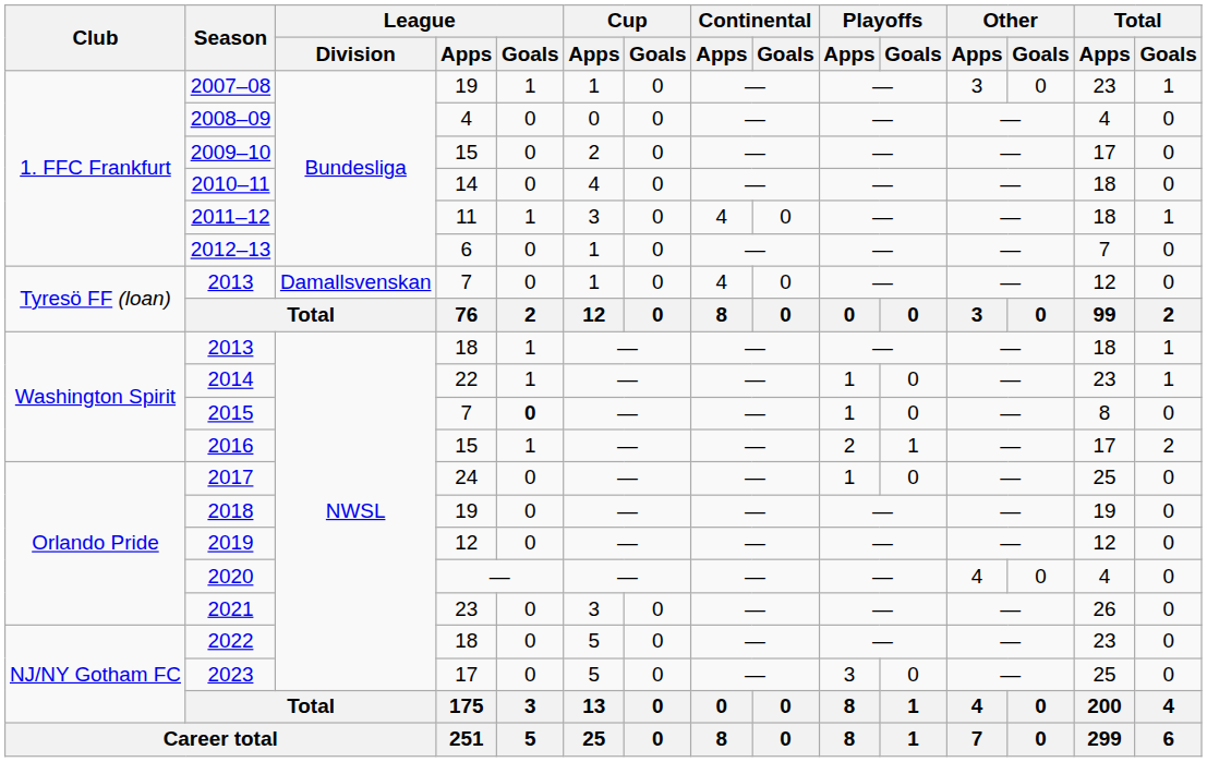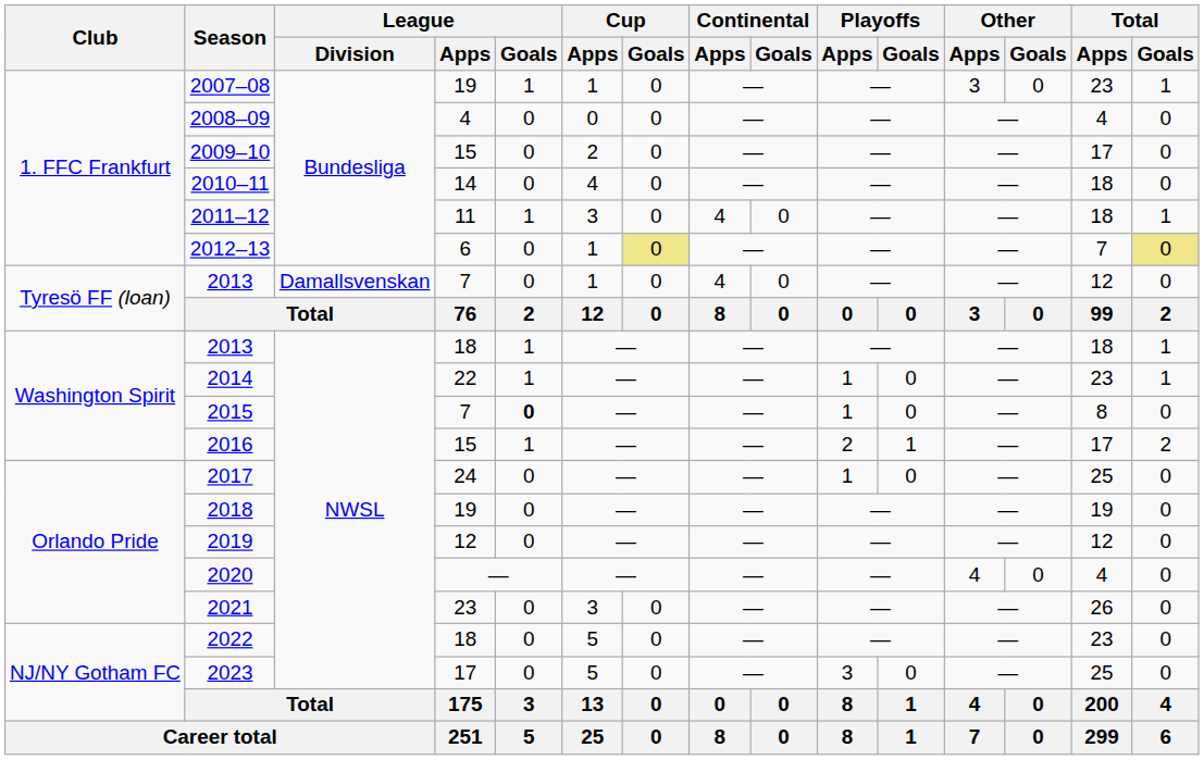 <table class="wikitable" style="text-align: center;">
 <tr>
 <th rowspan="2">Club</th>
 <th rowspan="2">Season</th>
 <th colspan="3">League</th>
 <th colspan="2">Cup</th>
 <th colspan="2">Continental</th>
 <th colspan="2">Playoffs</th>
 <th colspan="2">Other</th>
 <th colspan="2">Total</th>
 </tr>
 <tr>
 <th>Division</th>
 <th>Apps</th>
 <th>Goals</th>
 <th>Apps</th>
 <th>Goals</th>
 <th>Apps</th>
 <th>Goals</th>
 <th>Apps</th>
 <th>Goals</th>
 <th>Apps</th>
 <th>Goals</th>
 <th>Apps</th>
 <th>Goals</th>
 </tr>
 <tr>
 <td rowspan="6"><a href='#'>1. FFC Frankfurt</a></td>
 <td><a href='#'>2007–08</a></td>
 <td rowspan="6"><a href='#'>Bundesliga</a></td>
 <td>19</td>
 <td>1</td>
 <td>1</td>
 <td>0</td>
 <td colspan="2">—</td>
 <td colspan="2">—</td>
 <td>3</td>
 <td>0</td>
 <td>23</td>
 <td>1</td>
 </tr>
 <tr>
 <td><a href='#'>2008–09</a></td>
 <td>4</td>
 <td>0</td>
 <td>0</td>
 <td>0</td>
 <td colspan="2">—</td>
 <td colspan="2">—</td>
 <td colspan="2">—</td>
 <td>4</td>
 <td>0</td>
 </tr>
 <tr>
 <td><a href='#'>2009–10</a></td>
 <td>15</td>
 <td>0</td>
 <td>2</td>
 <td>0</td>
 <td colspan="2">—</td>
 <td colspan="2">—</td>
 <td colspan="2">—</td>
 <td>17</td>
 <td>0</td>
 </tr>
 <tr>
 <td><a href='#'>2010–11</a></td>
 <td>14</td>
 <td>0</td>
 <td>4</td>
 <td>0</td>
 <td colspan="2">—</td>
 <td colspan="2">—</td>
 <td colspan="2">—</td>
 <td>18</td>
 <td>0</td>
 </tr>
 <tr>
 <td><a href='#'>2011–12</a></td>
 <td>11</td>
 <td>1</td>
 <td>3</td>
 <td>0</td>
 <td>4</td>
 <td>0</td>
 <td colspan="2">—</td>
 <td colspan="2">—</td>
 <td>18</td>
 <td>1</td>
 </tr>
 <tr>
 <td><a href='#'>2012–13</a></td>
 <td>6</td>
 <td>0</td>
 <td>1</td>
-<td>0</td>
+<td style="background: khaki;">0</td>
 <td colspan="2">—</td>
 <td colspan="2">—</td>
 <td colspan="2">—</td>
 <td>7</td>
-<td>0</td>
+<td style="background: khaki;">0</td>
 </tr>
 <tr>
 <td rowspan="2"><a href='#'>Tyresö FF</a> <em>(loan)</em></td>
 <td><a href='#'>2013</a></td>
 <td><a href='#'>Damallsvenskan</a></td>
 <td>7</td>
 <td>0</td>
 <td>1</td>
 <td>0</td>
 <td>4</td>
 <td>0</td>
 <td colspan="2">—</td>
 <td colspan="2">—</td>
 <td>12</td>
 <td>0</td>
 </tr>
 <tr>
 <th colspan="2">Total</th>
 <th>76</th>
 <th>2</th>
 <th>12</th>
 <th>0</th>
 <th>8</th>
 <th>0</th>
 <th>0</th>
 <th>0</th>
 <th>3</th>
 <th>0</th>
 <th>99</th>
 <th>2</th>
 </tr>
 <tr>
 <td rowspan="4"><a href='#'>Washington Spirit</a></td>
 <td><a href='#'>2013</a></td>
 <td rowspan="11"><a href='#'>NWSL</a></td>
 <td>18</td>
 <td>1</td>
 <td colspan="2">—</td>
 <td colspan="2">—</td>
 <td colspan="2">—</td>
 <td colspan="2">—</td>
 <td>18</td>
 <td>1</td>
 </tr>
 <tr>
 <td><a href='#'>2014</a></td>
 <td>22</td>
 <td>1</td>
 <td colspan="2">—</td>
 <td colspan="2">—</td>
 <td>1</td>
 <td>0</td>
 <td colspan="2">—</td>
 <td>23</td>
 <td>1</td>
 </tr>
 <tr>
 <td><a href='#'>2015</a></td>
 <td>7</td>
 <td><strong>0</strong></td>
 <td colspan="2">—</td>
 <td colspan="2">—</td>
 <td>1</td>
 <td>0</td>
 <td colspan="2">—</td>
 <td>8</td>
 <td>0</td>
 </tr>
 <tr>
 <td><a href='#'>2016</a></td>
 <td>15</td>
 <td>1</td>
 <td colspan="2">—</td>
 <td colspan="2">—</td>
 <td>2</td>
 <td>1</td>
 <td colspan="2">—</td>
 <td>17</td>
 <td>2</td>
 </tr>
 <tr>
 <td rowspan="5"><a href='#'>Orlando Pride</a></td>
 <td><a href='#'>2017</a></td>
 <td>24</td>
 <td>0</td>
 <td colspan="2">—</td>
 <td colspan="2">—</td>
 <td>1</td>
 <td>0</td>
 <td colspan="2">—</td>
 <td>25</td>
 <td>0</td>
 </tr>
 <tr>
 <td><a href='#'>2018</a></td>
 <td>19</td>
 <td>0</td>
 <td colspan="2">—</td>
 <td colspan="2">—</td>
 <td colspan="2">—</td>
 <td colspan="2">—</td>
 <td>19</td>
 <td>0</td>
 </tr>
 <tr>
 <td><a href='#'>2019</a></td>
 <td>12</td>
 <td>0</td>
 <td colspan="2">—</td>
 <td colspan="2">—</td>
 <td colspan="2">—</td>
 <td colspan="2">—</td>
 <td>12</td>
 <td>0</td>
 </tr>
 <tr>
 <td><a href='#'>2020</a></td>
 <td colspan="2">—</td>
 <td colspan="2">—</td>
 <td colspan="2">—</td>
 <td colspan="2">—</td>
 <td>4</td>
 <td>0</td>
 <td>4</td>
 <td>0</td>
 </tr>
 <tr>
 <td><a href='#'>2021</a></td>
 <td>23</td>
 <td>0</td>
 <td>3</td>
 <td>0</td>
 <td colspan="2">—</td>
 <td colspan="2">—</td>
 <td colspan="2">—</td>
 <td>26</td>
 <td>0</td>
 </tr>
 <tr>
 <td rowspan="3"><a href='#'>NJ/NY Gotham FC</a></td>
 <td><a href='#'>2022</a></td>
 <td>18</td>
 <td>0</td>
 <td>5</td>
 <td>0</td>
 <td colspan="2">—</td>
 <td colspan="2">—</td>
 <td colspan="2">—</td>
 <td>23</td>
 <td>0</td>
 </tr>
 <tr>
 <td><a href='#'>2023</a></td>
 <td>17</td>
 <td>0</td>
 <td>5</td>
 <td>0</td>
 <td colspan="2">—</td>
 <td>3</td>
 <td>0</td>
 <td colspan="2">—</td>
 <td>25</td>
 <td>0</td>
 </tr>
 <tr>
 <th colspan="2">Total</th>
 <th>175</th>
 <th>3</th>
 <th>13</th>
 <th>0</th>
 <th>0</th>
 <th>0</th>
 <th>8</th>
 <th>1</th>
 <th>4</th>
 <th>0</th>
 <th>200</th>
 <th>4</th>
 </tr>
 <tr>
 <th colspan="3">Career total</th>
 <th>251</th>
 <th>5</th>
 <th>25</th>
 <th>0</th>
 <th>8</th>
 <th>0</th>
 <th>8</th>
 <th>1</th>
 <th>7</th>
 <th>0</th>
 <th>299</th>
 <th>6</th>
 </tr>
 </table>
